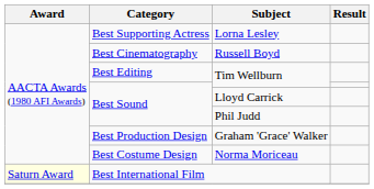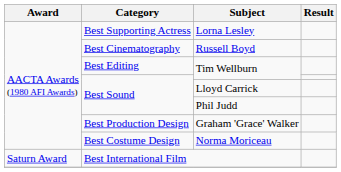 <table class="wikitable">
 <tr>
 <th>Award</th>
 <th>Category</th>
 <th>Subject</th>
 <th>Result</th>
 </tr>
 <tr>
 <td rowspan=8><a href='#'>AACTA Awards</a><br><small>(<a href='#'>1980 AFI Awards</a>)</small></td>
 <td><a href='#'>Best Supporting Actress</a></td>
 <td><a href='#'>Lorna Lesley</a></td>
 <td></td>
 </tr>
 <tr>
 <td><a href='#'>Best Cinematography</a></td>
 <td><a href='#'>Russell Boyd</a></td>
 <td></td>
 </tr>
 <tr>
 <td><a href='#'>Best Editing</a></td>
 <td rowspan=2>Tim Wellburn</td>
 <td></td>
 </tr>
 <tr>
 <td rowspan=3><a href='#'>Best Sound</a></td>
 <td></td>
 </tr>
 <tr>
 <td>Lloyd Carrick</td>
 <td></td>
 </tr>
 <tr>
 <td>Phil Judd</td>
 <td></td>
 </tr>
 <tr>
 <td><a href='#'>Best Production Design</a></td>
 <td>Graham 'Grace' Walker</td>
 <td></td>
 </tr>
 <tr>
 <td><a href='#'>Best Costume Design</a></td>
 <td><a href='#'>Norma Moriceau</a></td>
 <td></td>
 </tr>
 <tr>
-<td style="background: lightyellow;"><a href='#'>Saturn Award</a></td>
+<td><a href='#'>Saturn Award</a></td>
 <td colspan=2><a href='#'>Best International Film</a></td>
 <td></td>
 </tr>
 <tr>
 </tr>
 </table>
